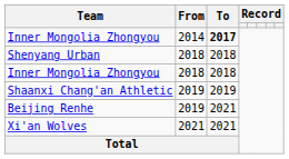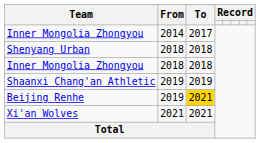 <table class=wikitable style="text-align:center">
 <tr>
 <th rowspan=2>Team</th>
 <th rowspan=2>From</th>
 <th rowspan=2>To</th>
 <th colspan=5>Record</th>
 </tr>
 <tr>
 <th></th>
 <th></th>
 <th></th>
 <th></th>
 <th></th>
 </tr>
 <tr>
 <td align=left><a href='#'>Inner Mongolia Zhongyou</a></td>
 <td align=left>2014</td>
-<td align=left><strong>2017<br></strong></td>
+<td align=left>2017<br></td>
 </tr>
 <tr>
 <td align=left><a href='#'>Shenyang Urban</a></td>
 <td align=left>2018</td>
 <td align=left>2018<br></td>
 </tr>
 <tr>
 <td align=left><a href='#'>Inner Mongolia Zhongyou</a></td>
 <td align=left>2018</td>
 <td align=left>2018<br></td>
 </tr>
 <tr>
 <td align=left><a href='#'>Shaanxi Chang'an Athletic</a></td>
 <td align=left>2019</td>
 <td align=left>2019<br></td>
 </tr>
 <tr>
 <td align=left><a href='#'>Beijing Renhe</a></td>
 <td align=left>2019</td>
-<td align=left>2021<br></td>
+<td align=left style="background: gold;">2021<br></td>
 </tr>
 <tr>
 <td align=left><a href='#'>Xi'an Wolves</a></td>
 <td align=left>2021</td>
 <td align=left>2021<br></td>
 </tr>
 <tr>
 <th colspan=3>Total<br></th>
 </tr>
 </table>
